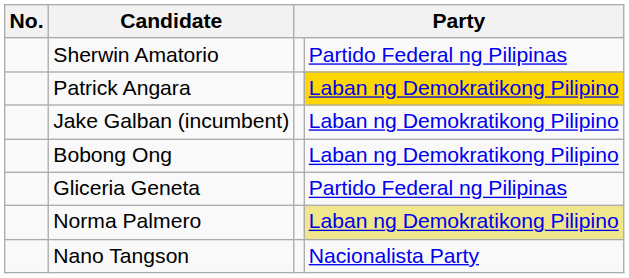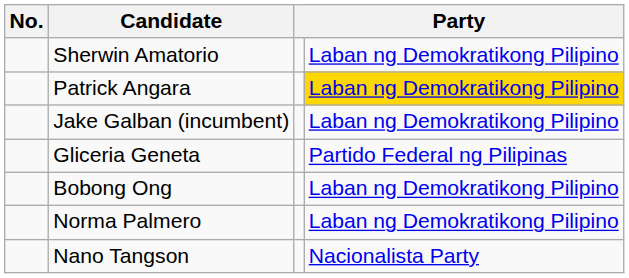 <table class="wikitable sortable" style="text-align:left;">
 <tr>
 <th>No.</th>
 <th>Candidate</th>
 <th colspan="2">Party</th>
 </tr>
 <tr>
 <td></td>
 <td>Sherwin Amatorio</td>
 <td></td>
-<td><a href='#'>Partido Federal ng Pilipinas</a></td>
+<td><a href='#'>Laban ng Demokratikong Pilipino</a></td>
 </tr>
 <tr>
 <td></td>
 <td>Patrick Angara</td>
 <td></td>
 <td style="background: gold;"><a href='#'>Laban ng Demokratikong Pilipino</a></td>
 </tr>
 <tr>
 <td></td>
 <td>Jake Galban (incumbent)</td>
 <td></td>
 <td><a href='#'>Laban ng Demokratikong Pilipino</a></td>
 </tr>
 <tr>
 <td></td>
+<td>Gliceria Geneta</td>
+<td></td>
+<td><a href='#'>Partido Federal ng Pilipinas</a></td>
+</tr>
+<tr>
+<td></td>
 <td>Bobong Ong</td>
 <td></td>
 <td><a href='#'>Laban ng Demokratikong Pilipino</a></td>
 </tr>
 <tr>
 <td></td>
-<td>Gliceria Geneta</td>
-<td></td>
-<td><a href='#'>Partido Federal ng Pilipinas</a></td>
-</tr>
-<tr>
-<td></td>
 <td>Norma Palmero</td>
 <td></td>
-<td style="background: khaki;"><a href='#'>Laban ng Demokratikong Pilipino</a></td>
+<td><a href='#'>Laban ng Demokratikong Pilipino</a></td>
 </tr>
 <tr>
 <td></td>
 <td>Nano Tangson</td>
 <td></td>
 <td><a href='#'>Nacionalista Party</a></td>
 </tr>
 </table>
